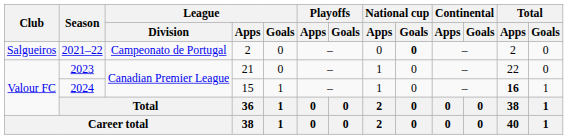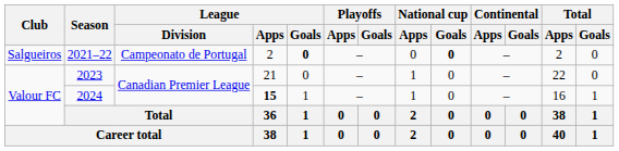 <table class="wikitable" style="text-align:center">
 <tr>
 <th rowspan="2">Club</th>
 <th rowspan="2">Season</th>
 <th colspan="3">League</th>
 <th colspan="2">Playoffs</th>
 <th colspan="2">National cup</th>
 <th colspan="2">Continental</th>
 <th colspan="2">Total</th>
 </tr>
 <tr>
 <th>Division</th>
 <th>Apps</th>
 <th>Goals</th>
 <th>Apps</th>
 <th>Goals</th>
 <th>Apps</th>
 <th>Goals</th>
 <th>Apps</th>
 <th>Goals</th>
 <th>Apps</th>
 <th>Goals</th>
 </tr>
 <tr>
 <td><a href='#'>Salgueiros</a></td>
 <td><a href='#'>2021–22</a></td>
 <td><a href='#'>Campeonato de Portugal</a></td>
 <td>2</td>
-<td>0</td>
+<td><strong>0</strong></td>
 <td colspan="2">–</td>
 <td>0</td>
 <td><strong>0</strong></td>
 <td colspan="2">–</td>
 <td>2</td>
 <td>0</td>
 </tr>
 <tr>
 <td rowspan=3><a href='#'>Valour FC</a></td>
 <td><a href='#'>2023</a></td>
 <td rowspan=2><a href='#'>Canadian Premier League</a></td>
 <td>21</td>
 <td>0</td>
 <td colspan="2">–</td>
 <td>1</td>
 <td>0</td>
 <td colspan="2">–</td>
 <td>22</td>
 <td>0</td>
 </tr>
 <tr>
 <td><a href='#'>2024</a></td>
-<td>15</td>
+<td><strong>15</strong></td>
 <td>1</td>
 <td colspan="2">–</td>
 <td>1</td>
 <td>0</td>
 <td colspan="2">–</td>
-<td><strong>16</strong></td>
+<td>16</td>
 <td>1</td>
 </tr>
 <tr>
 <th colspan="2">Total</th>
 <th>36</th>
 <th>1</th>
 <th>0</th>
 <th>0</th>
 <th>2</th>
 <th>0</th>
 <th>0</th>
 <th>0</th>
 <th>38</th>
 <th>1</th>
 </tr>
 <tr>
 <th colspan="3">Career total</th>
 <th>38</th>
 <th>1</th>
 <th>0</th>
 <th>0</th>
 <th>2</th>
 <th>0</th>
 <th>0</th>
 <th>0</th>
 <th>40</th>
 <th>1</th>
 </tr>
 </table>
